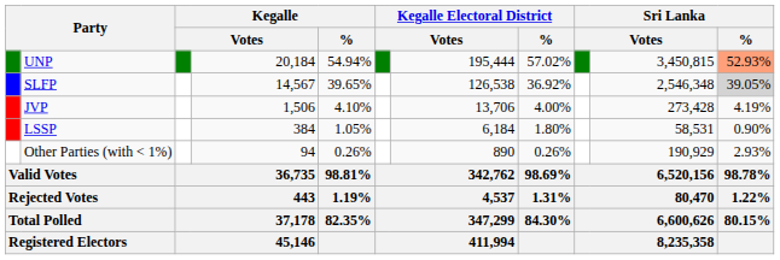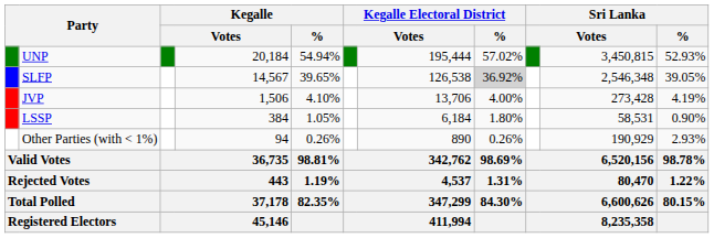 <table class="wikitable">
 <tr>
 <th colspan="2" width="144px"rowspan="2">Party</th>
 <th colspan="3" width="216px">Kegalle</th>
 <th colspan="3" width="216px"><a href='#'>Kegalle Electoral District</a></th>
 <th colspan="3" width="216px">Sri Lanka</th>
 </tr>
 <tr>
 <th colspan="2" width="144px">Votes</th>
 <th>%</th>
 <th colspan="2" width="144px">Votes</th>
 <th>%</th>
 <th colspan="2" width="144px">Votes</th>
 <th>%</th>
 </tr>
 <tr>
 <td style="background-color:green;" width="10px"></td>
 <td style="text-align:left;"><a href='#'>UNP</a></td>
 <td style="background-color:green;" width="10px"></td>
 <td style="text-align:right;">20,184</td>
 <td style="text-align:right;">54.94%</td>
 <td style="background-color:green;" width="10px"></td>
 <td style="text-align:right;">195,444</td>
 <td style="text-align:right;">57.02%</td>
 <td style="background-color:green;" width="10px"></td>
 <td style="text-align:right;">3,450,815</td>
-<td style="background: lightsalmon; text-align:right;">52.93%</td>
+<td style="text-align:right;">52.93%</td>
 </tr>
 <tr>
 <td style="background-color:blue;" width="10px"></td>
 <td style="text-align:left;"><a href='#'>SLFP</a></td>
 <td style="background-color:white;" width="10px"></td>
 <td style="text-align:right;">14,567</td>
 <td style="text-align:right;">39.65%</td>
 <td style="background-color:white;" width="10px"></td>
 <td style="text-align:right;">126,538</td>
-<td style="text-align:right;">36.92%</td>
+<td style="background: lightgrey; text-align:right;">36.92%</td>
 <td style="background-color:white;" width="10px"></td>
 <td style="text-align:right;">2,546,348</td>
-<td style="background: lightgrey; text-align:right;">39.05%</td>
+<td style="text-align:right;">39.05%</td>
 </tr>
 <tr>
 <td style="background-color:red;" width="10px"></td>
 <td style="text-align:left;"><a href='#'>JVP</a></td>
 <td style="background-color:white;" width="10px"></td>
 <td style="text-align:right;">1,506</td>
 <td style="text-align:right;">4.10%</td>
 <td style="background-color:white;" width="10px"></td>
 <td style="text-align:right;">13,706</td>
 <td style="text-align:right;">4.00%</td>
 <td style="background-color:white;" width="10px"></td>
 <td style="text-align:right;">273,428</td>
 <td style="text-align:right;">4.19%</td>
 </tr>
 <tr>
 <td style="background-color:red;" width="10px"></td>
 <td style="text-align:left;"><a href='#'>LSSP</a></td>
 <td style="background-color:white;" width="10px"></td>
 <td style="text-align:right;">384</td>
 <td style="text-align:right;">1.05%</td>
 <td style="background-color:white;" width="10px"></td>
 <td style="text-align:right;">6,184</td>
 <td style="text-align:right;">1.80%</td>
 <td style="background-color:white;" width="10px"></td>
 <td style="text-align:right;">58,531</td>
 <td style="text-align:right;">0.90%</td>
 </tr>
 <tr>
 <td style="background-color:white;" width="10px"></td>
 <td style="text-align:left;">Other Parties (with < 1%)</td>
 <td style="background-color:white;" width="10px"></td>
 <td style="text-align:right;">94</td>
 <td style="text-align:right;">0.26%</td>
 <td style="background-color:white;" width="10px"></td>
 <td style="text-align:right;">890</td>
 <td style="text-align:right;">0.26%</td>
 <td style="background-color:white;" width="10px"></td>
 <td style="text-align:right;">190,929</td>
 <td style="text-align:right;">2.93%</td>
 </tr>
 <tr>
 <th colspan="2" width="144px"style="text-align:left;">Valid Votes</th>
 <th style="text-align:right;"colspan="2" width="144px">36,735</th>
 <th style="text-align:right;">98.81%</th>
 <th style="text-align:right;"colspan="2" width="144px">342,762</th>
 <th style="text-align:right;">98.69%</th>
 <th style="text-align:right;"colspan="2" width="144px">6,520,156</th>
 <th style="text-align:right;">98.78%</th>
 </tr>
 <tr>
 <th colspan="2" width="144px"style="text-align:left;">Rejected Votes</th>
 <th style="text-align:right;"colspan="2" width="144px">443</th>
 <th style="text-align:right;">1.19%</th>
 <th style="text-align:right;"colspan="2" width="144px">4,537</th>
 <th style="text-align:right;">1.31%</th>
 <th style="text-align:right;"colspan="2" width="144px">80,470</th>
 <th style="text-align:right;">1.22%</th>
 </tr>
 <tr>
 <th colspan="2" width="144px"style="text-align:left;">Total Polled</th>
 <th style="text-align:right;"colspan="2" width="144px">37,178</th>
 <th style="text-align:right;">82.35%</th>
 <th style="text-align:right;"colspan="2" width="144px">347,299</th>
 <th style="text-align:right;">84.30%</th>
 <th style="text-align:right;"colspan="2" width="144px">6,600,626</th>
 <th style="text-align:right;">80.15%</th>
 </tr>
 <tr>
 <th colspan="2" width="144px"style="text-align:left;">Registered Electors</th>
 <th style="text-align:right;"colspan="2" width="144px">45,146</th>
 <th></th>
 <th style="text-align:right;"colspan="2" width="144px">411,994</th>
 <th></th>
 <th style="text-align:right;"colspan="2" width="144px">8,235,358</th>
 <th></th>
 </tr>
 </table>
